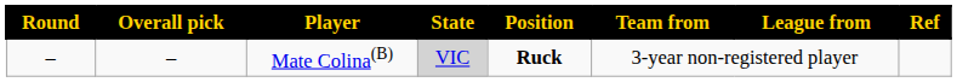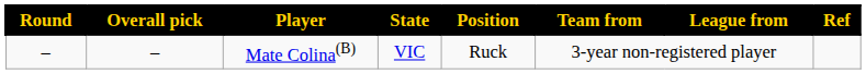 <table class="wikitable" style="text-align:center; font-size:100%; width:60%;">
 <tr>
 <th style="background:black; color:#FED102; border: solid black 2px;">Round</th>
 <th style="background:black; color:#FED102; border: solid black 2px;">Overall pick</th>
 <th style="background:black; color:#FED102; border: solid black 2px;">Player</th>
 <th style="background:black; color:#FED102; border: solid black 2px;">State</th>
 <th style="background:black; color:#FED102; border: solid black 2px;">Position</th>
 <th style="background:black; color:#FED102; border: solid black 2px;">Team from</th>
 <th style="background:black; color:#FED102; border: solid black 2px;">League from</th>
 <th style="background:black; color:#FED102; border: solid black 2px;">Ref</th>
 </tr>
 <tr>
 <td>–</td>
 <td>–</td>
 <td><a href='#'>Mate Colina</a><sup>(B)</sup></td>
-<td style="background: lightgrey;"><a href='#'>VIC</a></td>
-<td><strong>Ruck</strong></td>
+<td><a href='#'>VIC</a></td>
+<td>Ruck</td>
 <td colspan=2>3-year non-registered player</td>
 <td></td>
 </tr>
 </table>
